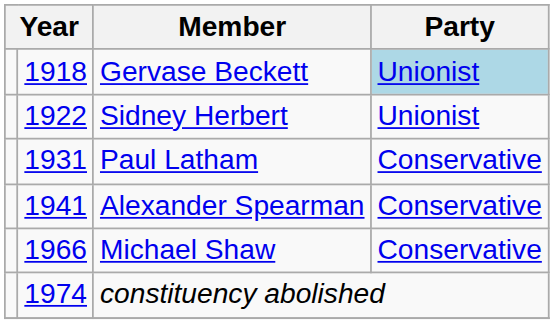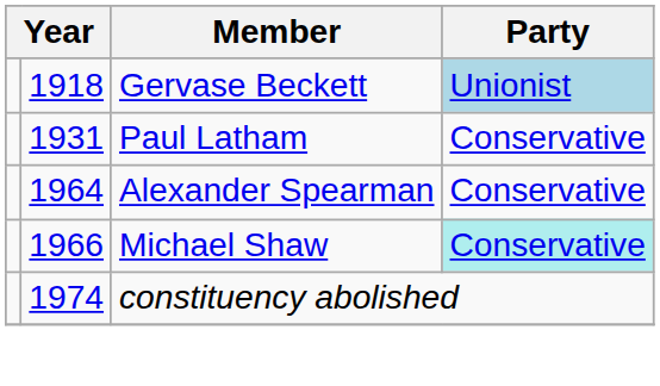 <table class="wikitable">
 <tr>
 <th colspan="2">Year</th>
 <th>Member</th>
 <th>Party</th>
 </tr>
 <tr>
 <td style="color:inherit;background-color: "></td>
 <td><a href='#'>1918</a></td>
 <td><a href='#'>Gervase Beckett</a></td>
 <td style="background: lightblue;"><a href='#'>Unionist</a></td>
 </tr>
 <tr>
 <td style="color:inherit;background-color: "></td>
-<td><a href='#'>1922</a></td>
-<td><a href='#'>Sidney Herbert</a></td>
-<td><a href='#'>Unionist</a></td>
-</tr>
-<tr>
-<td style="color:inherit;background-color: "></td>
 <td><a href='#'>1931</a></td>
 <td><a href='#'>Paul Latham</a></td>
 <td><a href='#'>Conservative</a></td>
 </tr>
 <tr>
 <td style="color:inherit;background-color: "></td>
-<td><a href='#'>1941</a></td>
+<td><a href='#'>1964</a></td>
 <td><a href='#'>Alexander Spearman</a></td>
 <td><a href='#'>Conservative</a></td>
 </tr>
 <tr>
 <td style="color:inherit;background-color: "></td>
 <td><a href='#'>1966</a></td>
 <td><a href='#'>Michael Shaw</a></td>
-<td><a href='#'>Conservative</a></td>
+<td style="background: paleturquoise;"><a href='#'>Conservative</a></td>
 </tr>
 <tr>
 <td></td>
 <td><a href='#'>1974</a></td>
 <td colspan="2"><em>constituency abolished</em></td>
 </tr>
 <tr>
 </tr>
 </table>
